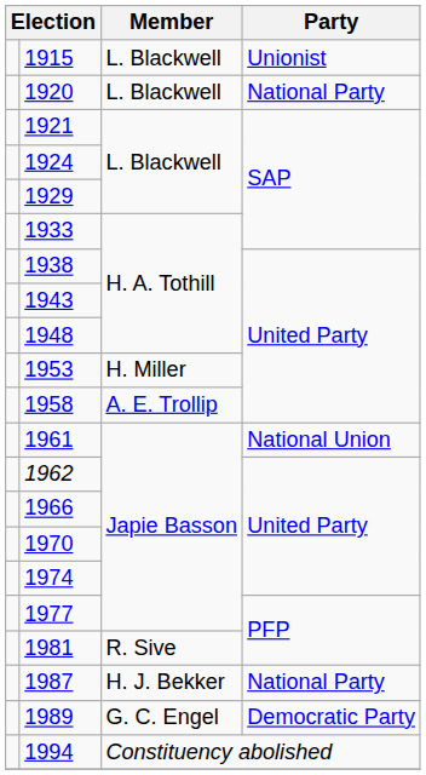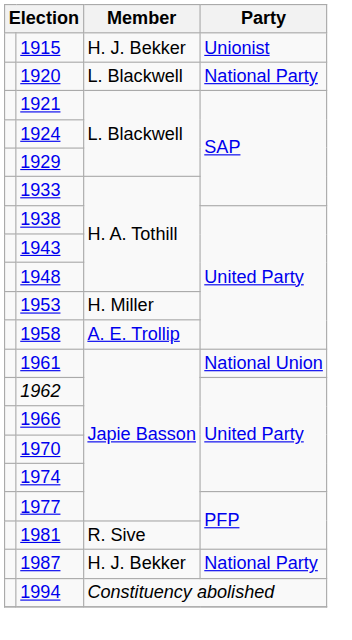 <table class="wikitable">
 <tr>
 <th colspan="2">Election</th>
 <th>Member</th>
 <th>Party</th>
 </tr>
 <tr>
 <td style="background-color: "></td>
 <td><a href='#'>1915</a></td>
-<td>L. Blackwell</td>
+<td>H. J. Bekker</td>
 <td><a href='#'>Unionist</a></td>
 </tr>
 <tr>
 <td style="background-color: "></td>
 <td><a href='#'>1920</a></td>
 <td>L. Blackwell</td>
 <td><a href='#'>National Party</a></td>
 </tr>
 <tr>
 <td style="background-color: "></td>
 <td><a href='#'>1921</a></td>
 <td rowspan="3">L. Blackwell</td>
 <td rowspan="4"><a href='#'>SAP</a></td>
 </tr>
 <tr>
 <td style="background-color: "></td>
 <td><a href='#'>1924</a></td>
 </tr>
 <tr>
 <td style="background-color: "></td>
 <td><a href='#'>1929</a></td>
 </tr>
 <tr>
 <td style="background-color: "></td>
 <td><a href='#'>1933</a></td>
 <td rowspan="4">H. A. Tothill</td>
 </tr>
 <tr>
 <td style="background-color: "></td>
 <td><a href='#'>1938</a></td>
 <td rowspan="5"><a href='#'>United Party</a></td>
 </tr>
 <tr>
 <td style="background-color: "></td>
 <td><a href='#'>1943</a></td>
 </tr>
 <tr>
 <td style="background-color: "></td>
 <td><a href='#'>1948</a></td>
 </tr>
 <tr>
 <td style="background-color: "></td>
 <td><a href='#'>1953</a></td>
 <td>H. Miller</td>
 </tr>
 <tr>
 <td style="background-color: "></td>
 <td><a href='#'>1958</a></td>
 <td><a href='#'>A. E. Trollip</a></td>
 </tr>
 <tr>
 <td style="background-color: "></td>
 <td><a href='#'>1961</a></td>
 <td rowspan="6"><a href='#'>Japie Basson</a></td>
 <td><a href='#'>National Union</a></td>
 </tr>
 <tr>
 <td style="background-color: "></td>
 <td><em>1962</em></td>
 <td rowspan="4"><a href='#'>United Party</a></td>
 </tr>
 <tr>
 <td style="background-color: "></td>
 <td><a href='#'>1966</a></td>
 </tr>
 <tr>
 <td style="background-color: "></td>
 <td><a href='#'>1970</a></td>
 </tr>
 <tr>
 <td style="background-color: "></td>
 <td><a href='#'>1974</a></td>
 </tr>
 <tr>
 <td style="background-color: "></td>
 <td><a href='#'>1977</a></td>
 <td rowspan="2"><a href='#'>PFP</a></td>
 </tr>
 <tr>
 <td style="background-color: "></td>
 <td><a href='#'>1981</a></td>
 <td>R. Sive</td>
 </tr>
 <tr>
 <td style="background-color: "></td>
 <td><a href='#'>1987</a></td>
 <td>H. J. Bekker</td>
 <td><a href='#'>National Party</a></td>
 </tr>
 <tr>
 <td style="background-color: "></td>
-<td><a href='#'>1989</a></td>
-<td>G. C. Engel</td>
-<td><a href='#'>Democratic Party</a></td>
-</tr>
-<tr>
-<td style="background-color: "></td>
 <td><a href='#'>1994</a></td>
 <td colspan="2"><em>Constituency abolished</em></td>
 </tr>
 <tr>
 </tr>
 </table>
